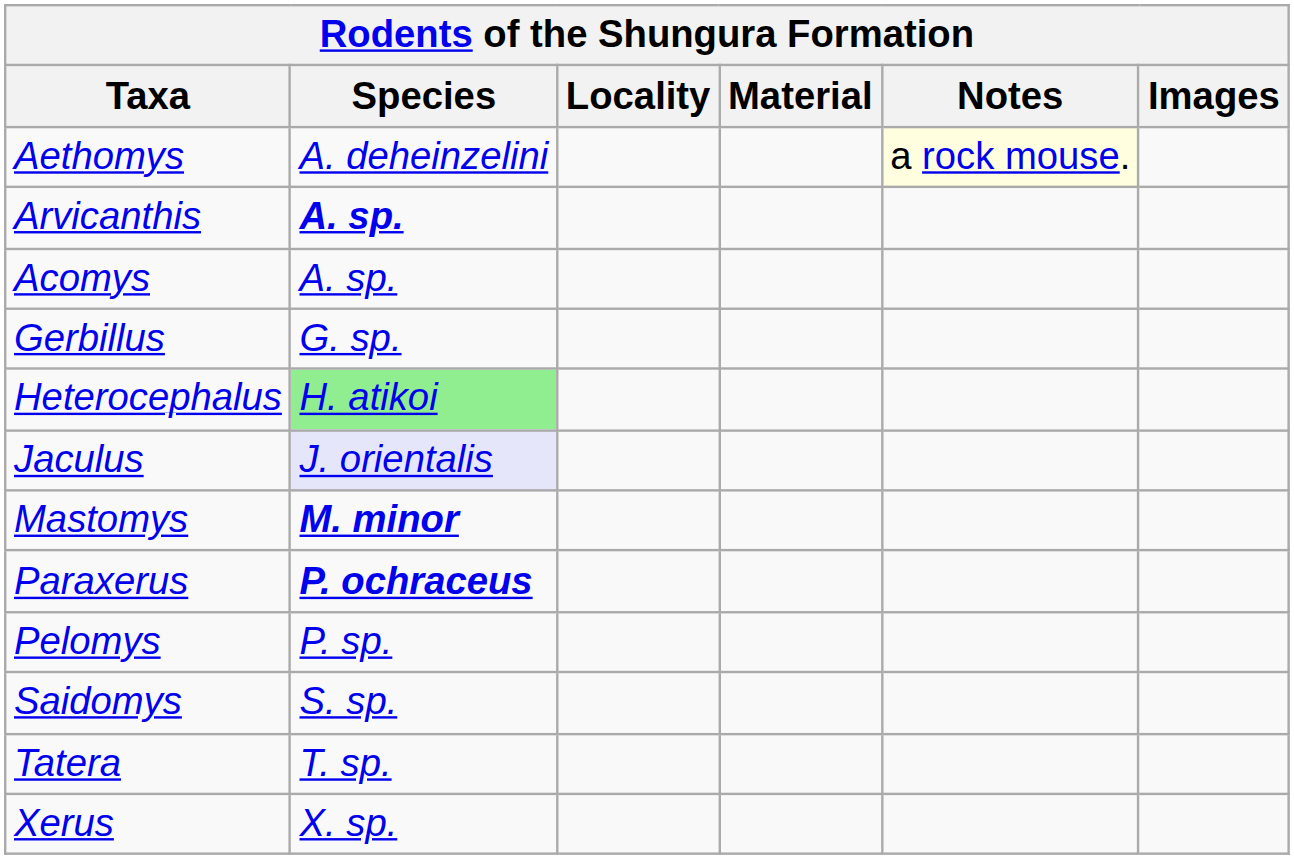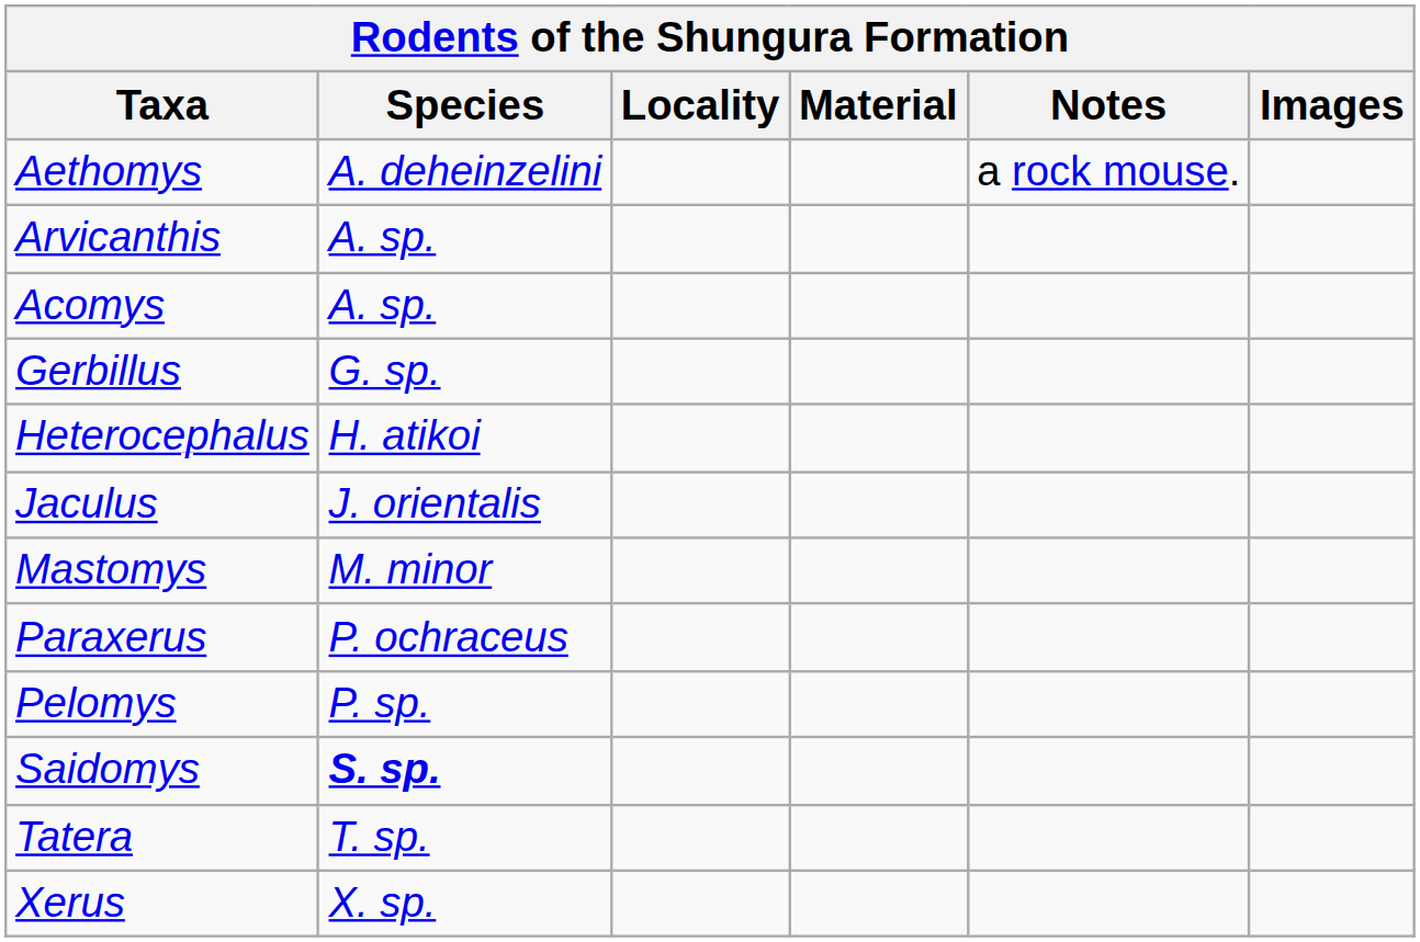 <table class="wikitable" align="center">
 <tr>
 <th colspan="7" align="center"><strong><a href='#'>Rodents</a></strong> of the Shungura Formation</th>
 </tr>
 <tr>
 <th>Taxa</th>
 <th>Species</th>
 <th>Locality</th>
 <th>Material</th>
 <th>Notes</th>
 <th>Images</th>
 </tr>
 <tr>
 <td><em><a href='#'>Aethomys</a></em></td>
 <td><em><a href='#'>A. deheinzelini</a></em></td>
 <td></td>
 <td></td>
-<td style="background: lightyellow;">a <a href='#'>rock mouse</a>.</td>
+<td>a <a href='#'>rock mouse</a>.</td>
 <td></td>
 </tr>
 <tr>
 <td><em><a href='#'>Arvicanthis</a></em></td>
-<td><strong><em><a href='#'>A. sp.</a></em></strong></td>
+<td><em><a href='#'>A. sp.</a></em></td>
 <td></td>
 <td></td>
 <td></td>
 <td></td>
 </tr>
 <tr>
 <td><em><a href='#'>Acomys</a></em></td>
 <td><em><a href='#'>A. sp.</a></em></td>
 <td></td>
 <td></td>
 <td></td>
 <td></td>
 </tr>
 <tr>
 <td><em><a href='#'>Gerbillus</a></em></td>
 <td><em><a href='#'>G. sp.</a></em></td>
 <td></td>
 <td></td>
 <td></td>
 <td></td>
 </tr>
 <tr>
 <td><em><a href='#'>Heterocephalus</a></em></td>
-<td style="background: lightgreen;"><em><a href='#'>H. atikoi</a></em></td>
+<td><em><a href='#'>H. atikoi</a></em></td>
 <td></td>
 <td></td>
 <td></td>
 <td></td>
 </tr>
 <tr>
 <td><em><a href='#'>Jaculus</a></em></td>
-<td style="background: lavender;"><em><a href='#'>J. orientalis</a></em></td>
+<td><em><a href='#'>J. orientalis</a></em></td>
 <td></td>
 <td></td>
 <td></td>
 <td></td>
 </tr>
 <tr>
 <td><em><a href='#'>Mastomys</a></em></td>
-<td><strong><em><a href='#'>M. minor</a></em></strong></td>
+<td><em><a href='#'>M. minor</a></em></td>
 <td></td>
 <td></td>
 <td></td>
 <td></td>
 </tr>
 <tr>
 <td><em><a href='#'>Paraxerus</a></em></td>
-<td><strong><em><a href='#'>P. ochraceus</a></em></strong></td>
+<td><em><a href='#'>P. ochraceus</a></em></td>
 <td></td>
 <td></td>
 <td></td>
 <td></td>
 </tr>
 <tr>
 <td><em><a href='#'>Pelomys</a></em></td>
 <td><em><a href='#'>P. sp.</a></em></td>
 <td></td>
 <td></td>
 <td></td>
 <td></td>
 </tr>
 <tr>
 <td><em><a href='#'>Saidomys</a></em></td>
-<td><em><a href='#'>S. sp.</a></em></td>
+<td><strong><em><a href='#'>S. sp.</a></em></strong></td>
 <td></td>
 <td></td>
 <td></td>
 <td></td>
 </tr>
 <tr>
 <td><em><a href='#'>Tatera</a></em></td>
 <td><em><a href='#'>T. sp.</a></em></td>
 <td></td>
 <td></td>
 <td></td>
 <td></td>
 </tr>
 <tr>
 <td><em><a href='#'>Xerus</a></em></td>
 <td><em><a href='#'>X. sp.</a></em></td>
 <td></td>
 <td></td>
 <td></td>
 <td></td>
 </tr>
 </table>
